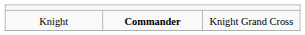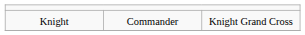 <table align=right class=wikitable width=30%>
 <tr>
 <td colspan="3" align="center"></td>
 </tr>
 <tr>
 <td width=20% valign=top align=center><small>Knight</small></td>
-<td width=20% valign=top align=center><strong><small>Commander</small></strong></td>
+<td width=20% valign=top align=center><small>Commander</small></td>
 <td width=20% valign=top align=center><small>Knight Grand Cross</small></td>
 </tr>
 <tr>
 </tr>
 </table>
